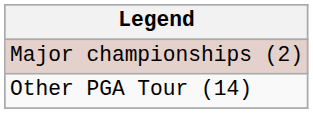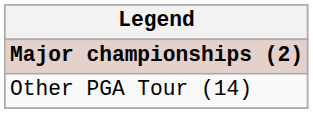 <table class="wikitable" style="font-size:95%;">
 <tr>
 <th>Legend</th>
 </tr>
 <tr style="background:#e5d1cb;">
-<td>Major championships (2)</td>
+<td><strong>Major championships (2)</strong></td>
 </tr>
 <tr>
 <td>Other PGA Tour (14)</td>
 </tr>
 </table>
